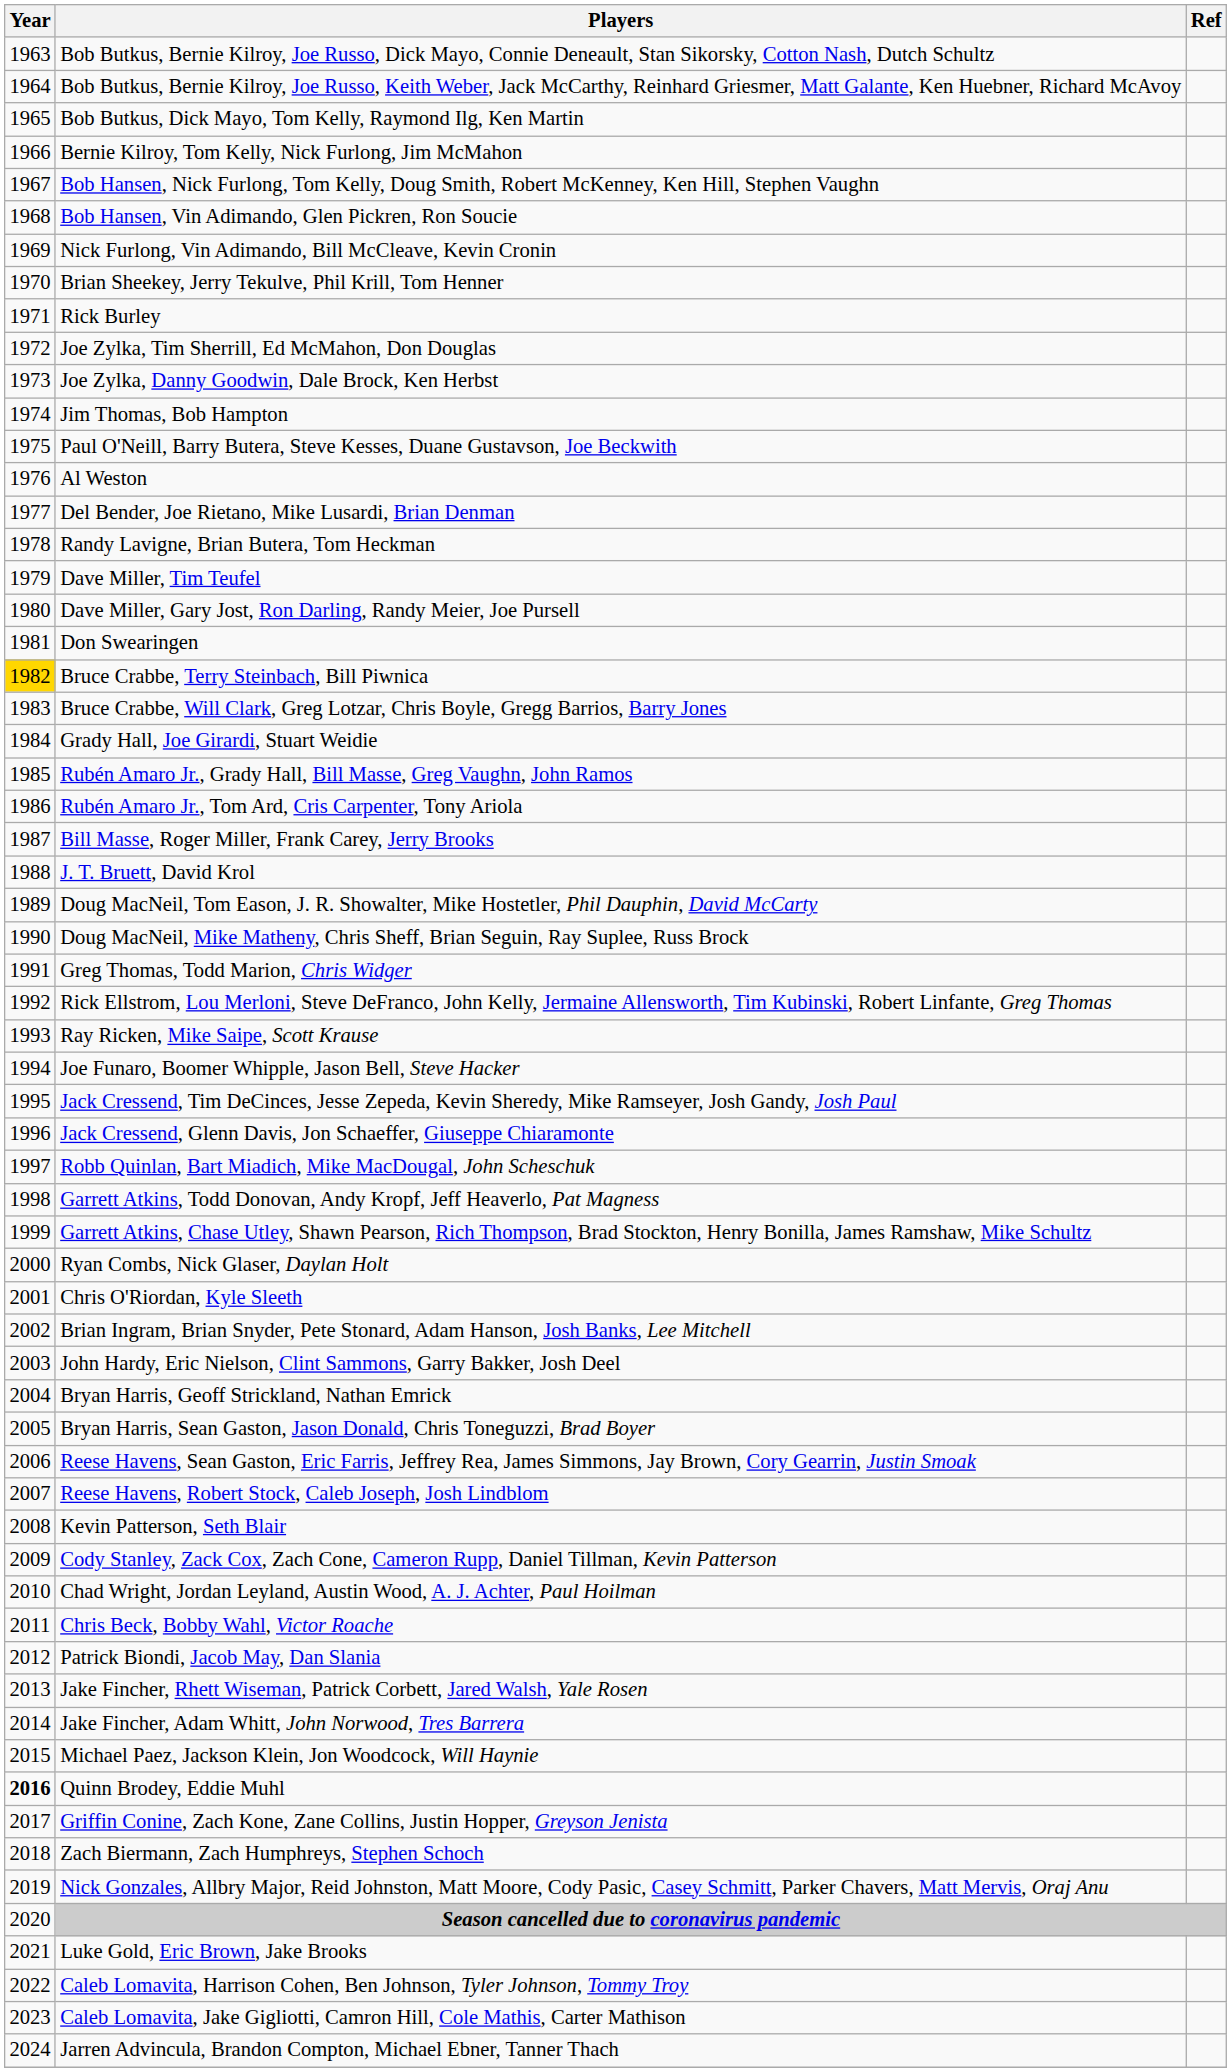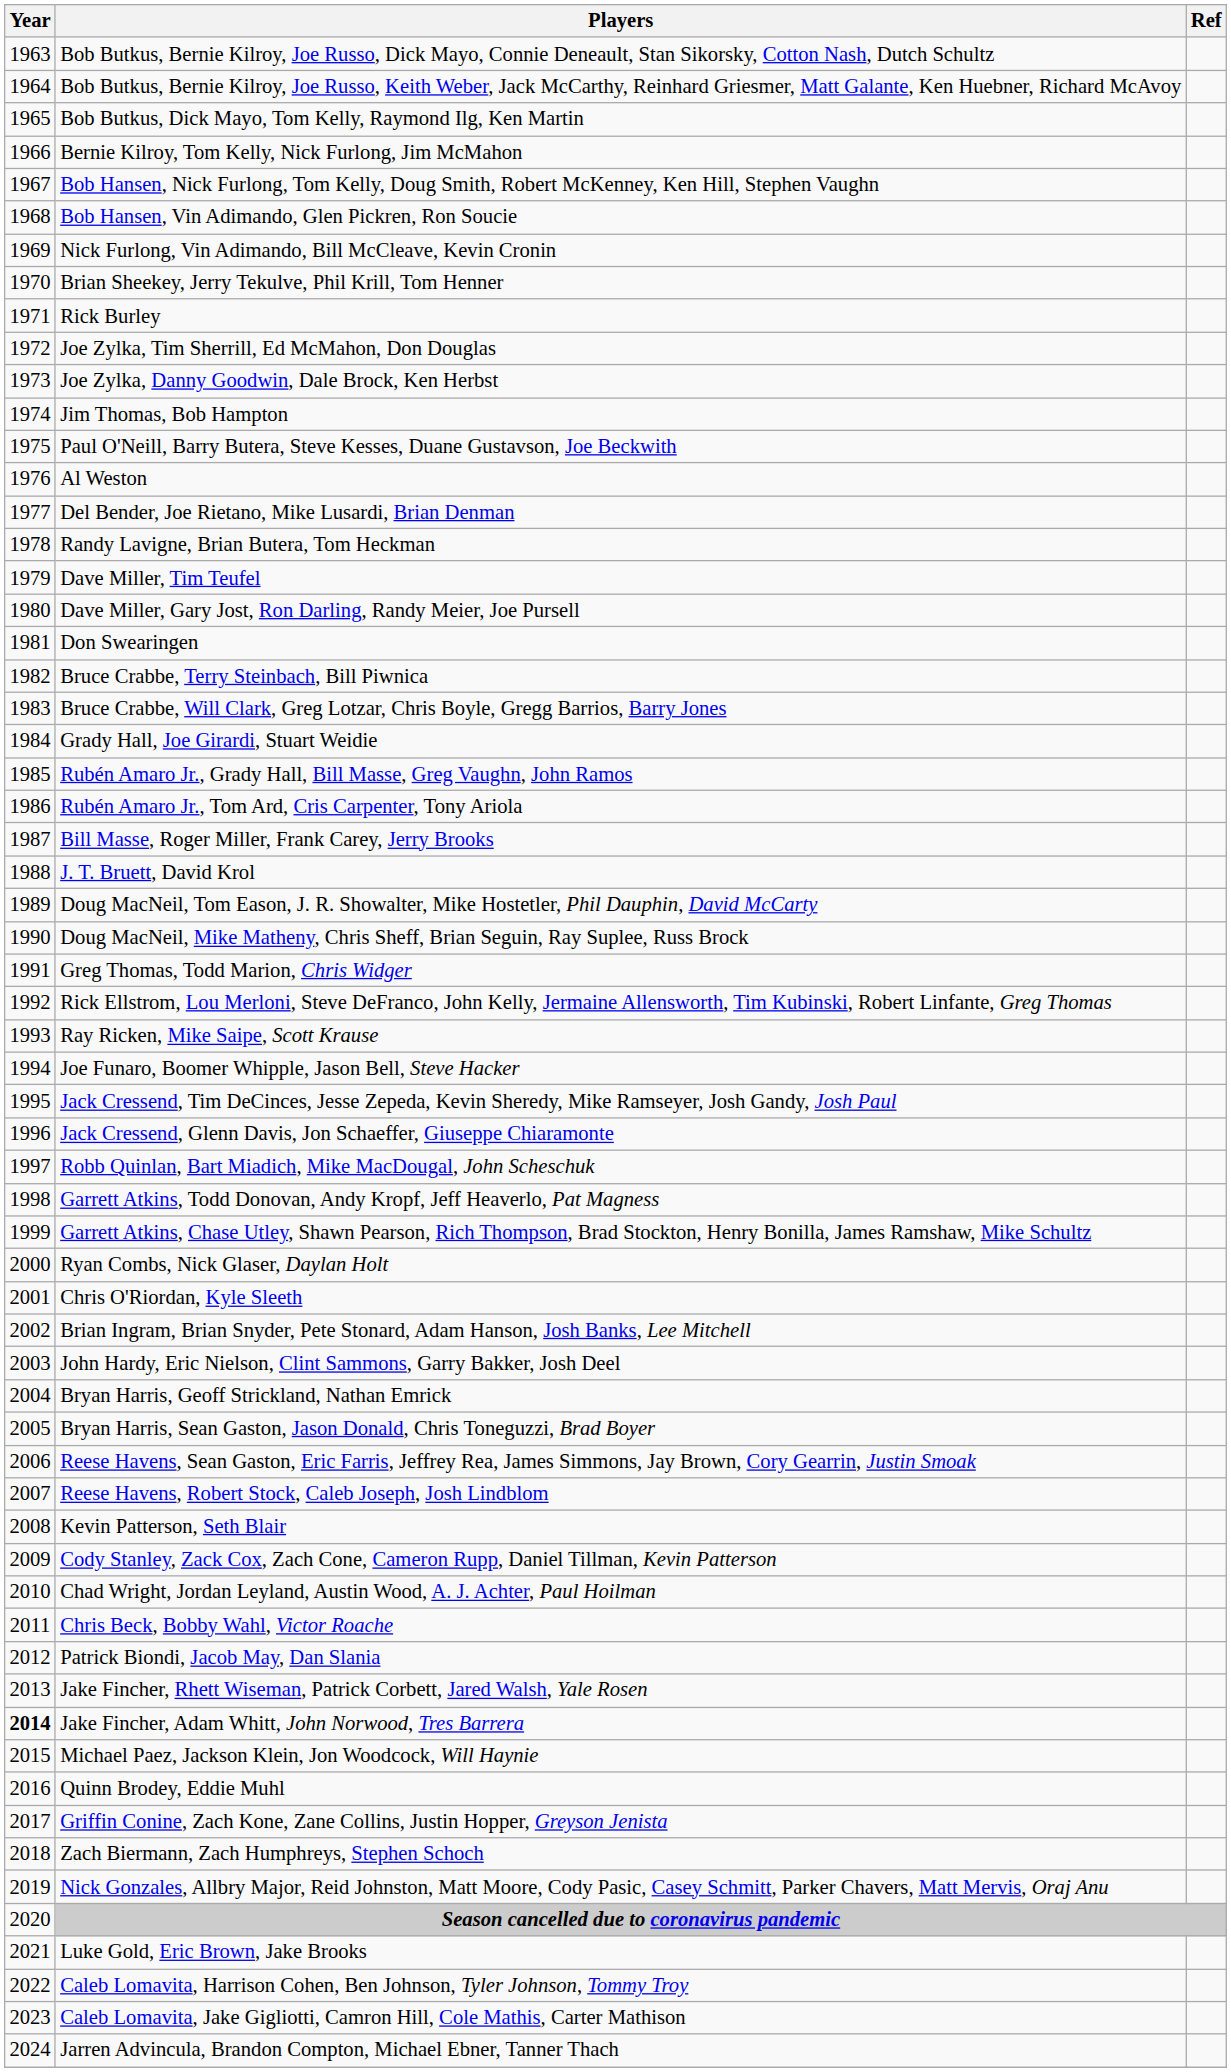 <table class="wikitable" style="text-align:center">
 <tr>
 <th scope="col">Year</th>
 <th scope="col">Players</th>
 <th scope="col">Ref</th>
 </tr>
 <tr>
 <td>1963</td>
 <td style="text-align:left">Bob Butkus, Bernie Kilroy, <a href='#'>Joe Russo</a>, Dick Mayo, Connie Deneault, Stan Sikorsky, <a href='#'>Cotton Nash</a>, Dutch Schultz</td>
 <td></td>
 </tr>
 <tr>
 <td>1964</td>
 <td style="text-align:left">Bob Butkus, Bernie Kilroy, <a href='#'>Joe Russo</a>, <a href='#'>Keith Weber</a>, Jack McCarthy, Reinhard Griesmer, <a href='#'>Matt Galante</a>, Ken Huebner, Richard McAvoy</td>
 <td></td>
 </tr>
 <tr>
 <td>1965</td>
 <td style="text-align:left">Bob Butkus, Dick Mayo, Tom Kelly, Raymond Ilg, Ken Martin</td>
 <td></td>
 </tr>
 <tr>
 <td>1966</td>
 <td style="text-align:left">Bernie Kilroy, Tom Kelly, Nick Furlong, Jim McMahon</td>
 <td></td>
 </tr>
 <tr>
 <td>1967</td>
 <td style="text-align:left"><a href='#'>Bob Hansen</a>, Nick Furlong, Tom Kelly, Doug Smith, Robert McKenney, Ken Hill, Stephen Vaughn</td>
 <td></td>
 </tr>
 <tr>
 <td>1968</td>
 <td style="text-align:left"><a href='#'>Bob Hansen</a>, Vin Adimando, Glen Pickren, Ron Soucie</td>
 <td></td>
 </tr>
 <tr>
 <td>1969</td>
 <td style="text-align:left">Nick Furlong, Vin Adimando, Bill McCleave, Kevin Cronin</td>
 <td></td>
 </tr>
 <tr>
 <td>1970</td>
 <td style="text-align:left">Brian Sheekey, Jerry Tekulve, Phil Krill, Tom Henner</td>
 <td></td>
 </tr>
 <tr>
 <td>1971</td>
 <td style="text-align:left">Rick Burley</td>
 <td></td>
 </tr>
 <tr>
 <td>1972</td>
 <td style="text-align:left">Joe Zylka, Tim Sherrill, Ed McMahon, Don Douglas</td>
 <td></td>
 </tr>
 <tr>
 <td>1973</td>
 <td style="text-align:left">Joe Zylka, <a href='#'>Danny Goodwin</a>, Dale Brock, Ken Herbst</td>
 <td></td>
 </tr>
 <tr>
 <td>1974</td>
 <td style="text-align:left">Jim Thomas, Bob Hampton</td>
 <td></td>
 </tr>
 <tr>
 <td>1975</td>
 <td style="text-align:left">Paul O'Neill, Barry Butera, Steve Kesses, Duane Gustavson, <a href='#'>Joe Beckwith</a></td>
 <td></td>
 </tr>
 <tr>
 <td>1976</td>
 <td style="text-align:left">Al Weston</td>
 <td></td>
 </tr>
 <tr>
 <td>1977</td>
 <td style="text-align:left">Del Bender, Joe Rietano, Mike Lusardi, <a href='#'>Brian Denman</a></td>
 <td></td>
 </tr>
 <tr>
 <td>1978</td>
 <td style="text-align:left">Randy Lavigne, Brian Butera, Tom Heckman</td>
 <td></td>
 </tr>
 <tr>
 <td>1979</td>
 <td style="text-align:left">Dave Miller, <a href='#'>Tim Teufel</a></td>
 <td></td>
 </tr>
 <tr>
 <td>1980</td>
 <td style="text-align:left">Dave Miller, Gary Jost, <a href='#'>Ron Darling</a>, Randy Meier, Joe Pursell</td>
 <td></td>
 </tr>
 <tr>
 <td>1981</td>
 <td style="text-align:left">Don Swearingen</td>
 <td></td>
 </tr>
 <tr>
-<td style="background: gold;">1982</td>
+<td>1982</td>
 <td style="text-align:left">Bruce Crabbe, <a href='#'>Terry Steinbach</a>, Bill Piwnica</td>
 <td></td>
 </tr>
 <tr>
 <td>1983</td>
 <td style="text-align:left">Bruce Crabbe, <a href='#'>Will Clark</a>, Greg Lotzar, Chris Boyle, Gregg Barrios, <a href='#'>Barry Jones</a></td>
 <td></td>
 </tr>
 <tr>
 <td>1984</td>
 <td style="text-align:left">Grady Hall, <a href='#'>Joe Girardi</a>, Stuart Weidie</td>
 <td></td>
 </tr>
 <tr>
 <td>1985</td>
 <td style="text-align:left"><a href='#'>Rubén Amaro Jr.</a>, Grady Hall, <a href='#'>Bill Masse</a>, <a href='#'>Greg Vaughn</a>, <a href='#'>John Ramos</a></td>
 <td></td>
 </tr>
 <tr>
 <td>1986</td>
 <td style="text-align:left"><a href='#'>Rubén Amaro Jr.</a>, Tom Ard, <a href='#'>Cris Carpenter</a>, Tony Ariola</td>
 <td></td>
 </tr>
 <tr>
 <td>1987</td>
 <td style="text-align:left"><a href='#'>Bill Masse</a>, Roger Miller, Frank Carey, <a href='#'>Jerry Brooks</a></td>
 <td></td>
 </tr>
 <tr>
 <td>1988</td>
 <td style="text-align:left"><a href='#'>J. T. Bruett</a>, David Krol</td>
 <td></td>
 </tr>
 <tr>
 <td>1989</td>
 <td style="text-align:left">Doug MacNeil, Tom Eason, J. R. Showalter, Mike Hostetler, <em>Phil Dauphin</em>, <em><a href='#'>David McCarty</a></em></td>
 <td></td>
 </tr>
 <tr>
 <td>1990</td>
 <td style="text-align:left">Doug MacNeil, <a href='#'>Mike Matheny</a>, Chris Sheff, Brian Seguin, Ray Suplee, Russ Brock</td>
 <td></td>
 </tr>
 <tr>
 <td>1991</td>
 <td style="text-align:left">Greg Thomas, Todd Marion, <em><a href='#'>Chris Widger</a></em></td>
 <td></td>
 </tr>
 <tr>
 <td>1992</td>
 <td style="text-align:left">Rick Ellstrom, <a href='#'>Lou Merloni</a>, Steve DeFranco, John Kelly, <a href='#'>Jermaine Allensworth</a>, <a href='#'>Tim Kubinski</a>, Robert Linfante, <em>Greg Thomas</em></td>
 <td></td>
 </tr>
 <tr>
 <td>1993</td>
 <td style="text-align:left">Ray Ricken, <a href='#'>Mike Saipe</a>, <em>Scott Krause</em></td>
 <td></td>
 </tr>
 <tr>
 <td>1994</td>
 <td style="text-align:left">Joe Funaro, Boomer Whipple, Jason Bell, <em>Steve Hacker</em></td>
 <td></td>
 </tr>
 <tr>
 <td>1995</td>
 <td style="text-align:left"><a href='#'>Jack Cressend</a>, Tim DeCinces, Jesse Zepeda, Kevin Sheredy, Mike Ramseyer, Josh Gandy, <em><a href='#'>Josh Paul</a></em></td>
 <td></td>
 </tr>
 <tr>
 <td>1996</td>
 <td style="text-align:left"><a href='#'>Jack Cressend</a>, Glenn Davis, Jon Schaeffer, <a href='#'>Giuseppe Chiaramonte</a></td>
 <td></td>
 </tr>
 <tr>
 <td>1997</td>
 <td style="text-align:left"><a href='#'>Robb Quinlan</a>, <a href='#'>Bart Miadich</a>, <a href='#'>Mike MacDougal</a>, <em>John Scheschuk</em></td>
 <td></td>
 </tr>
 <tr>
 <td>1998</td>
 <td style="text-align:left"><a href='#'>Garrett Atkins</a>, Todd Donovan, Andy Kropf, Jeff Heaverlo, <em>Pat Magness</em></td>
 <td></td>
 </tr>
 <tr>
 <td>1999</td>
 <td style="text-align:left"><a href='#'>Garrett Atkins</a>, <a href='#'>Chase Utley</a>, Shawn Pearson, <a href='#'>Rich Thompson</a>, Brad Stockton, Henry Bonilla, James Ramshaw, <a href='#'>Mike Schultz</a></td>
 <td></td>
 </tr>
 <tr>
 <td>2000</td>
 <td style="text-align:left">Ryan Combs, Nick Glaser, <em>Daylan Holt</em></td>
 <td></td>
 </tr>
 <tr>
 <td>2001</td>
 <td style="text-align:left">Chris O'Riordan, <a href='#'>Kyle Sleeth</a></td>
 <td></td>
 </tr>
 <tr>
 <td>2002</td>
 <td style="text-align:left">Brian Ingram, Brian Snyder, Pete Stonard, Adam Hanson, <a href='#'>Josh Banks</a>, <em>Lee Mitchell</em></td>
 <td></td>
 </tr>
 <tr>
 <td>2003</td>
 <td style="text-align:left">John Hardy, Eric Nielson, <a href='#'>Clint Sammons</a>, Garry Bakker, Josh Deel</td>
 <td></td>
 </tr>
 <tr>
 <td>2004</td>
 <td style="text-align:left">Bryan Harris, Geoff Strickland, Nathan Emrick</td>
 <td></td>
 </tr>
 <tr>
 <td>2005</td>
 <td style="text-align:left">Bryan Harris, Sean Gaston, <a href='#'>Jason Donald</a>, Chris Toneguzzi, <em>Brad Boyer</em></td>
 <td></td>
 </tr>
 <tr>
 <td>2006</td>
 <td style="text-align:left"><a href='#'>Reese Havens</a>, Sean Gaston, <a href='#'>Eric Farris</a>, Jeffrey Rea, James Simmons, Jay Brown, <a href='#'>Cory Gearrin</a>, <em><a href='#'>Justin Smoak</a></em></td>
 <td></td>
 </tr>
 <tr>
 <td>2007</td>
 <td style="text-align:left"><a href='#'>Reese Havens</a>, <a href='#'>Robert Stock</a>, <a href='#'>Caleb Joseph</a>, <a href='#'>Josh Lindblom</a></td>
 <td></td>
 </tr>
 <tr>
 <td>2008</td>
 <td style="text-align:left">Kevin Patterson, <a href='#'>Seth Blair</a></td>
 <td></td>
 </tr>
 <tr>
 <td>2009</td>
 <td style="text-align:left"><a href='#'>Cody Stanley</a>, <a href='#'>Zack Cox</a>, Zach Cone, <a href='#'>Cameron Rupp</a>, Daniel Tillman, <em>Kevin Patterson</em></td>
 <td></td>
 </tr>
 <tr>
 <td>2010</td>
 <td style="text-align:left">Chad Wright, Jordan Leyland, Austin Wood, <a href='#'>A. J. Achter</a>, <em>Paul Hoilman</em></td>
 <td></td>
 </tr>
 <tr>
 <td>2011</td>
 <td style="text-align:left"><a href='#'>Chris Beck</a>, <a href='#'>Bobby Wahl</a>, <em><a href='#'>Victor Roache</a></em></td>
 <td></td>
 </tr>
 <tr>
 <td>2012</td>
 <td style="text-align:left">Patrick Biondi, <a href='#'>Jacob May</a>, <a href='#'>Dan Slania</a></td>
 <td></td>
 </tr>
 <tr>
 <td>2013</td>
 <td style="text-align:left">Jake Fincher, <a href='#'>Rhett Wiseman</a>, Patrick Corbett, <a href='#'>Jared Walsh</a>, <em>Yale Rosen</em></td>
 <td></td>
 </tr>
 <tr>
-<td>2014</td>
+<td><strong>2014</strong></td>
 <td style="text-align:left">Jake Fincher, Adam Whitt, <em>John Norwood</em>, <em><a href='#'>Tres Barrera</a></em></td>
 <td></td>
 </tr>
 <tr>
 <td>2015</td>
 <td style="text-align:left">Michael Paez, Jackson Klein, Jon Woodcock, <em>Will Haynie</em></td>
 <td></td>
 </tr>
 <tr>
-<td><strong>2016</strong></td>
+<td>2016</td>
 <td style="text-align:left">Quinn Brodey, Eddie Muhl</td>
 <td></td>
 </tr>
 <tr>
 <td>2017</td>
 <td style="text-align:left"><a href='#'>Griffin Conine</a>, Zach Kone, Zane Collins, Justin Hopper, <em><a href='#'>Greyson Jenista</a></em></td>
 <td></td>
 </tr>
 <tr>
 <td>2018</td>
 <td style="text-align:left">Zach Biermann, Zach Humphreys, <a href='#'>Stephen Schoch</a></td>
 <td></td>
 </tr>
 <tr>
 <td>2019</td>
 <td style="text-align:left"><a href='#'>Nick Gonzales</a>, Allbry Major, Reid Johnston, Matt Moore, Cody Pasic, <a href='#'>Casey Schmitt</a>, Parker Chavers, <a href='#'>Matt Mervis</a>, <em>Oraj Anu</em></td>
 <td></td>
 </tr>
 <tr>
 <td>2020</td>
 <td colspan="2" align="center" bgcolor=#cccccc><strong><em>Season cancelled due to <a href='#'>coronavirus pandemic</a></em></strong></td>
 </tr>
 <tr>
 <td>2021</td>
 <td style="text-align:left">Luke Gold, <a href='#'>Eric Brown</a>, Jake Brooks</td>
 <td></td>
 </tr>
 <tr>
 <td>2022</td>
 <td style="text-align:left"><a href='#'>Caleb Lomavita</a>, Harrison Cohen, Ben Johnson, <em>Tyler Johnson</em>, <em><a href='#'>Tommy Troy</a></em></td>
 <td></td>
 </tr>
 <tr>
 <td>2023</td>
 <td style="text-align:left"><a href='#'>Caleb Lomavita</a>, Jake Gigliotti, Camron Hill, <a href='#'>Cole Mathis</a>, Carter Mathison</td>
 <td></td>
 </tr>
 <tr>
 <td>2024</td>
 <td style="text-align:left">Jarren Advincula, Brandon Compton, Michael Ebner, Tanner Thach</td>
 <td></td>
 </tr>
 <tr>
 </tr>
 </table>
